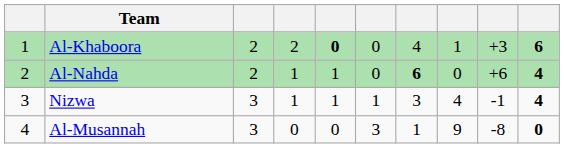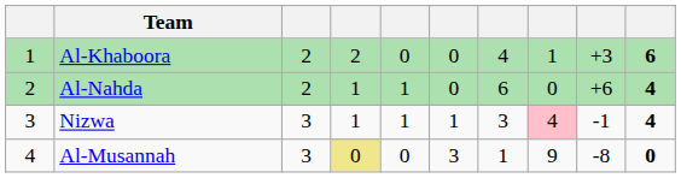 <table class="wikitable" style="text-align: center;">
 <tr>
 <th width=30></th>
 <th width=165>Team</th>
 <th width=30></th>
 <th width=30></th>
 <th width=30></th>
 <th width=30></th>
 <th width=30></th>
 <th width=30></th>
 <th width=30></th>
 <th width=30></th>
 </tr>
 <tr bgcolor=#ACE1AF>
 <td>1</td>
 <td align=left><a href='#'>Al-Khaboora</a></td>
 <td>2</td>
 <td>2</td>
-<td><strong>0</strong></td>
+<td>0</td>
 <td>0</td>
 <td>4</td>
 <td>1</td>
 <td>+3</td>
 <td><strong>6</strong></td>
 </tr>
 <tr bgcolor=#ACE1AF>
 <td>2</td>
 <td align=left><a href='#'>Al-Nahda</a></td>
 <td>2</td>
 <td>1</td>
 <td>1</td>
 <td>0</td>
-<td><strong>6</strong></td>
+<td>6</td>
 <td>0</td>
 <td>+6</td>
 <td><strong>4</strong></td>
 </tr>
 <tr>
 <td>3</td>
 <td align=left><a href='#'>Nizwa</a></td>
 <td>3</td>
 <td>1</td>
 <td>1</td>
 <td>1</td>
 <td>3</td>
-<td>4</td>
+<td style="background: pink;">4</td>
 <td>-1</td>
 <td><strong>4</strong></td>
 </tr>
 <tr>
 <td>4</td>
 <td align=left><a href='#'>Al-Musannah</a></td>
 <td>3</td>
-<td>0</td>
+<td style="background: khaki;">0</td>
 <td>0</td>
 <td>3</td>
 <td>1</td>
 <td>9</td>
 <td>-8</td>
 <td><strong>0</strong></td>
 </tr>
 </table>
